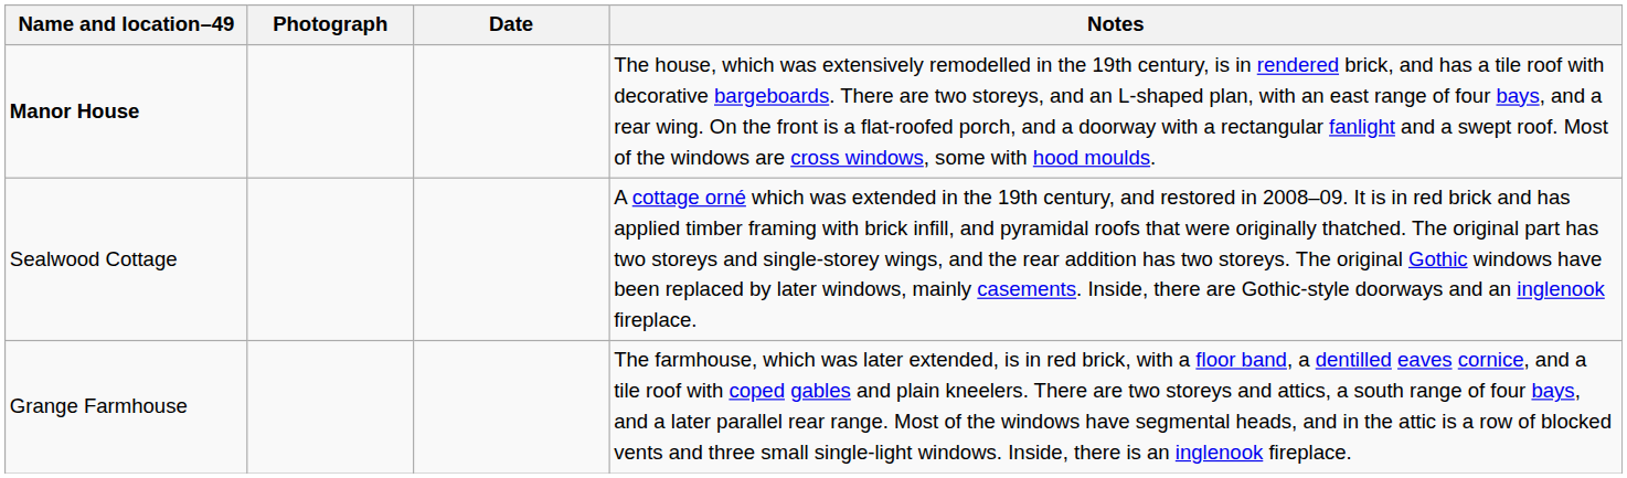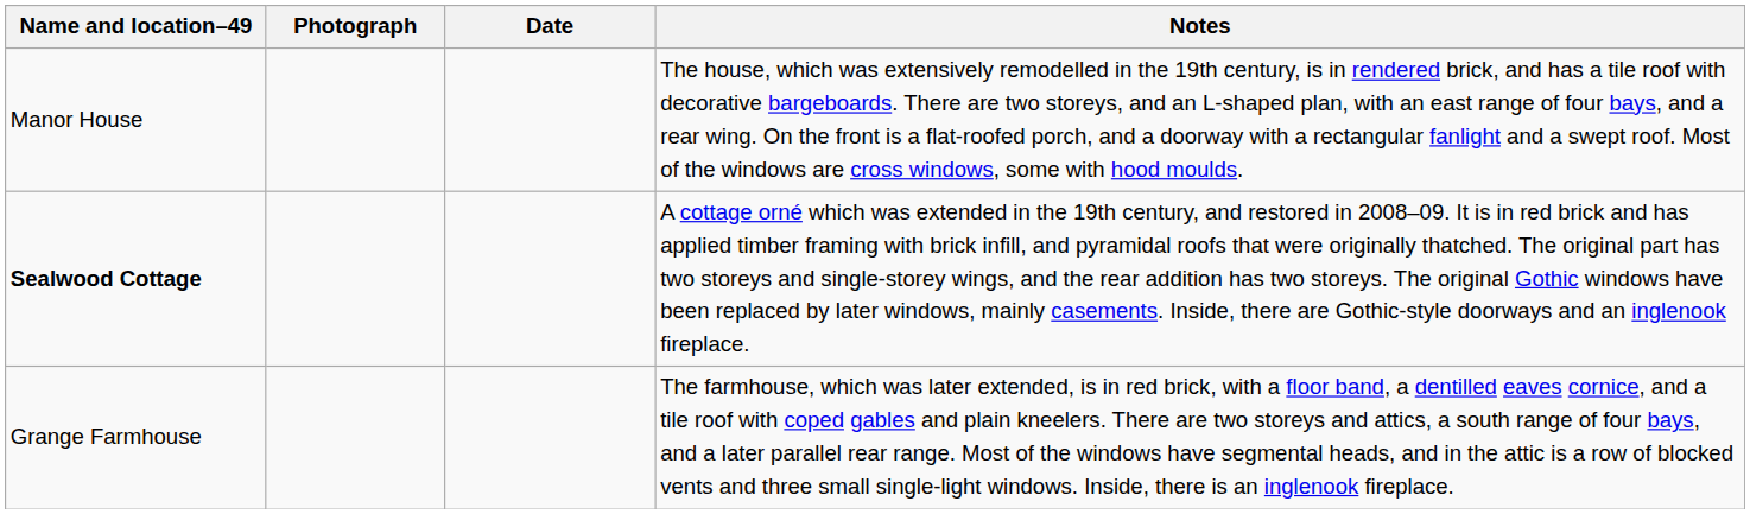 <table class="wikitable sortable plainrowheaders" style="width:100%;border:0px;text-align:left;line-height:150%;">
 <tr>
 <th scope="col"  style="width:150px">Name and location–49</th>
 <th scope="col"  style="width:100px" class="unsortable">Photograph</th>
 <th scope="col"  style="width:120px">Date</th>
 <th scope="col"  style="width:650px" class="unsortable">Notes</th>
 </tr>
 <tr>
-<td><strong>Manor House<br><small></small></strong></td>
+<td>Manor House<br><small></small></td>
 <td></td>
 <td align="center"></td>
 <td>The house, which was extensively remodelled in the 19th century, is in <a href='#'>rendered</a> brick, and has a tile roof with decorative <a href='#'>bargeboards</a>.  There are two storeys, and an L-shaped plan, with an east range of four <a href='#'>bays</a>, and a rear wing.  On the front is a flat-roofed porch, and a doorway with a rectangular <a href='#'>fanlight</a> and a swept roof.  Most of the windows are <a href='#'>cross windows</a>, some with <a href='#'>hood moulds</a>.</td>
 </tr>
 <tr>
-<td>Sealwood Cottage<br><small></small></td>
+<td><strong>Sealwood Cottage<br><small></small></strong></td>
 <td></td>
 <td align="center"></td>
 <td>A <a href='#'>cottage orné</a> which was extended in the 19th century, and restored in 2008–09.  It is in red brick and has applied timber framing with brick infill, and pyramidal roofs that were originally thatched.  The original part has two storeys and single-storey wings, and the rear addition has two storeys.  The original <a href='#'>Gothic</a> windows have been replaced by later windows, mainly <a href='#'>casements</a>.  Inside, there are Gothic-style doorways and an <a href='#'>inglenook</a> fireplace.</td>
 </tr>
 <tr>
 <td>Grange Farmhouse<br><small></small></td>
 <td></td>
 <td align="center"></td>
 <td>The farmhouse, which was later extended, is in red brick, with a <a href='#'>floor band</a>, a <a href='#'>dentilled</a> <a href='#'>eaves</a> <a href='#'>cornice</a>, and a tile roof with <a href='#'>coped</a> <a href='#'>gables</a> and plain kneelers.  There are two storeys and attics, a south range of four <a href='#'>bays</a>, and a later parallel rear range.  Most of the windows have segmental heads, and in the attic is a row of blocked vents and three small single-light windows. Inside, there is an <a href='#'>inglenook</a> fireplace.</td>
 </tr>
 <tr>
 </tr>
 </table>
